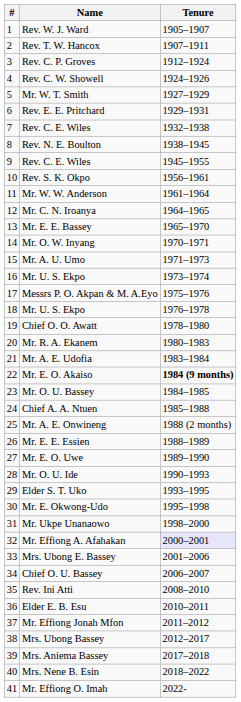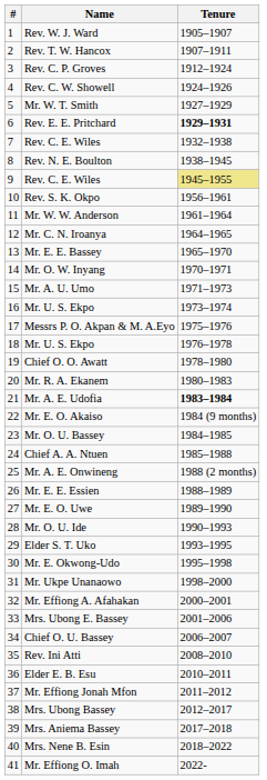 <table class="wikitable">
 <tr>
 <th>#</th>
 <th>Name</th>
 <th>Tenure</th>
 </tr>
 <tr>
 <td>1</td>
 <td>Rev. W. J. Ward</td>
 <td>1905–1907</td>
 </tr>
 <tr>
 <td>2</td>
 <td>Rev. T. W. Hancox</td>
 <td>1907–1911</td>
 </tr>
 <tr>
 <td>3</td>
 <td>Rev. C. P. Groves</td>
 <td>1912–1924</td>
 </tr>
 <tr>
 <td>4</td>
 <td>Rev. C. W. Showell</td>
 <td>1924–1926</td>
 </tr>
 <tr>
 <td>5</td>
 <td>Mr. W. T. Smith</td>
 <td>1927–1929</td>
 </tr>
 <tr>
 <td>6</td>
 <td>Rev. E. E. Pritchard</td>
-<td>1929–1931</td>
+<td><strong>1929–1931</strong></td>
 </tr>
 <tr>
 <td>7</td>
 <td>Rev. C. E. Wiles</td>
 <td>1932–1938</td>
 </tr>
 <tr>
 <td>8</td>
 <td>Rev. N. E. Boulton</td>
 <td>1938–1945</td>
 </tr>
 <tr>
 <td>9</td>
 <td>Rev. C. E. Wiles</td>
-<td>1945–1955</td>
+<td style="background: khaki;">1945–1955</td>
 </tr>
 <tr>
 <td>10</td>
 <td>Rev. S. K. Okpo</td>
 <td>1956–1961</td>
 </tr>
 <tr>
 <td>11</td>
 <td>Mr. W. W. Anderson</td>
 <td>1961–1964</td>
 </tr>
 <tr>
 <td>12</td>
 <td>Mr. C. N. Iroanya</td>
 <td>1964–1965</td>
 </tr>
 <tr>
 <td>13</td>
 <td>Mr. E. E. Bassey</td>
 <td>1965–1970</td>
 </tr>
 <tr>
 <td>14</td>
 <td>Mr. O. W. Inyang</td>
 <td>1970–1971</td>
 </tr>
 <tr>
 <td>15</td>
 <td>Mr. A. U. Umo</td>
 <td>1971–1973</td>
 </tr>
 <tr>
 <td>16</td>
 <td>Mr. U. S. Ekpo</td>
 <td>1973–1974</td>
 </tr>
 <tr>
 <td>17</td>
 <td>Messrs P. O. Akpan & M. A.Eyo</td>
 <td>1975–1976</td>
 </tr>
 <tr>
 <td>18</td>
 <td>Mr. U. S. Ekpo</td>
 <td>1976–1978</td>
 </tr>
 <tr>
 <td>19</td>
 <td>Chief O. O. Awatt</td>
 <td>1978–1980</td>
 </tr>
 <tr>
 <td>20</td>
 <td>Mr. R. A. Ekanem</td>
 <td>1980–1983</td>
 </tr>
 <tr>
 <td>21</td>
 <td>Mr. A. E. Udofia</td>
-<td>1983–1984</td>
+<td><strong>1983–1984</strong></td>
 </tr>
 <tr>
 <td>22</td>
 <td>Mr. E. O. Akaiso</td>
-<td><strong>1984 (9 months)</strong></td>
+<td>1984 (9 months)</td>
 </tr>
 <tr>
 <td>23</td>
 <td>Mr. O. U. Bassey</td>
 <td>1984–1985</td>
 </tr>
 <tr>
 <td>24</td>
 <td>Chief A. A. Ntuen</td>
 <td>1985–1988</td>
 </tr>
 <tr>
 <td>25</td>
 <td>Mr. A. E. Onwineng</td>
 <td>1988 (2 months)</td>
 </tr>
 <tr>
 <td>26</td>
 <td>Mr. E. E. Essien</td>
 <td>1988–1989</td>
 </tr>
 <tr>
 <td>27</td>
 <td>Mr. E. O. Uwe</td>
 <td>1989–1990</td>
 </tr>
 <tr>
 <td>28</td>
 <td>Mr. O. U. Ide</td>
 <td>1990–1993</td>
 </tr>
 <tr>
 <td>29</td>
 <td>Elder S. T. Uko</td>
 <td>1993–1995</td>
 </tr>
 <tr>
 <td>30</td>
 <td>Mr. E. Okwong-Udo</td>
 <td>1995–1998</td>
 </tr>
 <tr>
 <td>31</td>
 <td>Mr. Ukpe Unanaowo</td>
 <td>1998–2000</td>
 </tr>
 <tr>
 <td>32</td>
 <td>Mr. Effiong A. Afahakan</td>
-<td style="background: lavender;">2000–2001</td>
+<td>2000–2001</td>
 </tr>
 <tr>
 <td>33</td>
 <td>Mrs. Ubong E. Bassey</td>
 <td>2001–2006</td>
 </tr>
 <tr>
 <td>34</td>
 <td>Chief O. U. Bassey</td>
 <td>2006–2007</td>
 </tr>
 <tr>
 <td>35</td>
 <td>Rev. Ini Atti</td>
 <td>2008–2010</td>
 </tr>
 <tr>
 <td>36</td>
 <td>Elder E. B. Esu</td>
 <td>2010–2011</td>
 </tr>
 <tr>
 <td>37</td>
 <td>Mr. Effiong Jonah Mfon</td>
 <td>2011–2012</td>
 </tr>
 <tr>
 <td>38</td>
 <td>Mrs. Ubong Bassey</td>
 <td>2012–2017</td>
 </tr>
 <tr>
 <td>39</td>
 <td>Mrs. Aniema Bassey</td>
 <td>2017–2018</td>
 </tr>
 <tr>
 <td>40</td>
 <td>Mrs. Nene B. Esin</td>
 <td>2018–2022</td>
 </tr>
 <tr>
 <td>41</td>
 <td>Mr. Effiong O. Imah</td>
 <td>2022-</td>
 </tr>
 </table>
